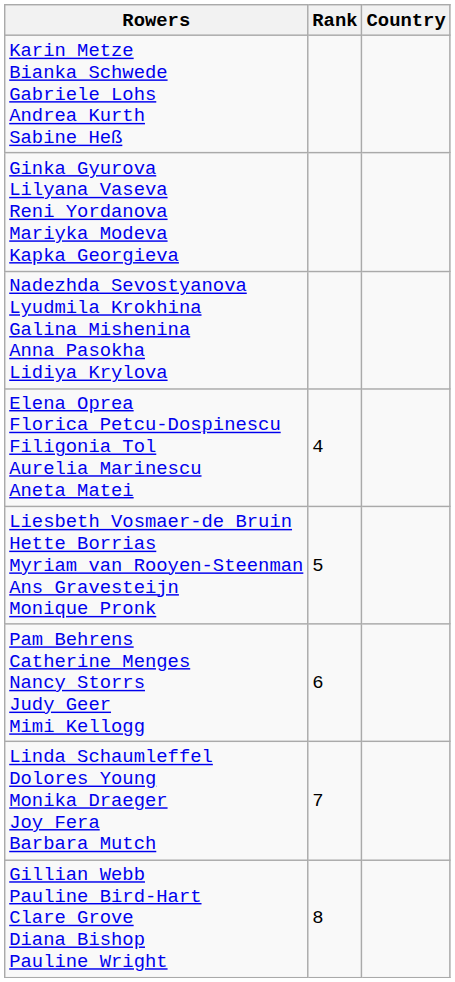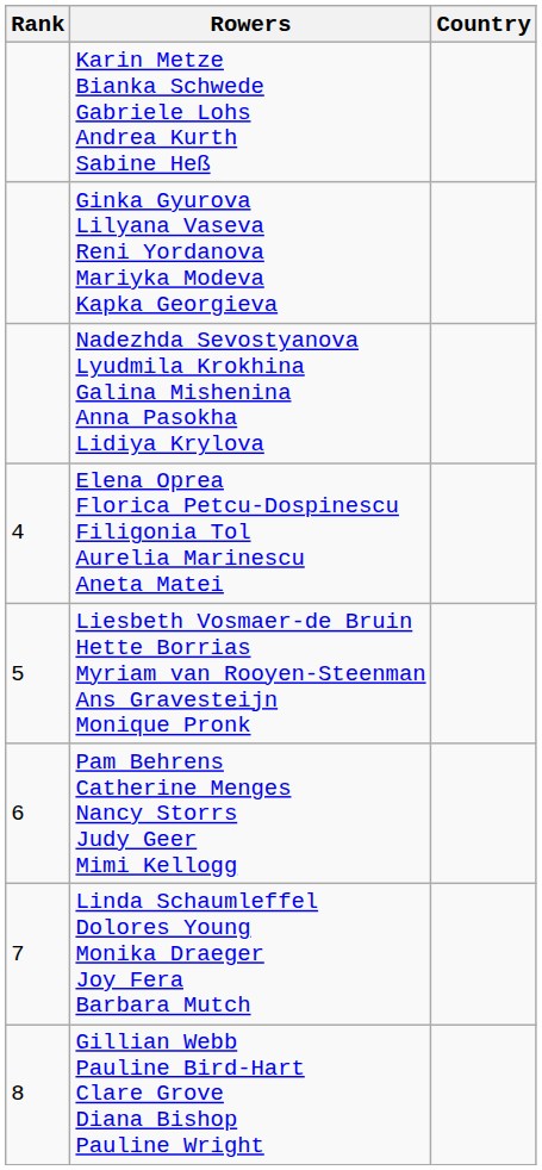 <table class="wikitable sortable">
 <tr>
+<th>Rank</th>
 <th>Rowers</th>
-<th>Rank</th>
 <th>Country</th>
 </tr>
 <tr>
+<td></td>
 <td><a href='#'>Karin Metze</a><br><a href='#'>Bianka Schwede</a><br><a href='#'>Gabriele Lohs</a><br><a href='#'>Andrea Kurth</a><br><a href='#'>Sabine Heß</a></td>
-<td></td>
 <td></td>
 </tr>
 <tr>
+<td></td>
 <td><a href='#'>Ginka Gyurova</a><br><a href='#'>Lilyana Vaseva</a><br><a href='#'>Reni Yordanova</a><br><a href='#'>Mariyka Modeva</a><br><a href='#'>Kapka Georgieva</a></td>
-<td></td>
 <td></td>
 </tr>
 <tr>
+<td></td>
 <td><a href='#'>Nadezhda Sevostyanova</a><br><a href='#'>Lyudmila Krokhina</a><br><a href='#'>Galina Mishenina</a><br><a href='#'>Anna Pasokha</a><br><a href='#'>Lidiya Krylova</a></td>
-<td></td>
 <td></td>
 </tr>
 <tr>
+<td>4</td>
 <td><a href='#'>Elena Oprea</a><br><a href='#'>Florica Petcu-Dospinescu</a><br><a href='#'>Filigonia Tol</a><br><a href='#'>Aurelia Marinescu</a><br><a href='#'>Aneta Matei</a></td>
-<td>4</td>
 <td></td>
 </tr>
 <tr>
+<td>5</td>
 <td><a href='#'>Liesbeth Vosmaer-de Bruin</a><br><a href='#'>Hette Borrias</a><br><a href='#'>Myriam van Rooyen-Steenman</a><br><a href='#'>Ans Gravesteijn</a><br><a href='#'>Monique Pronk</a></td>
-<td>5</td>
 <td></td>
 </tr>
 <tr>
+<td>6</td>
 <td><a href='#'>Pam Behrens</a><br><a href='#'>Catherine Menges</a><br><a href='#'>Nancy Storrs</a><br><a href='#'>Judy Geer</a><br><a href='#'>Mimi Kellogg</a></td>
-<td>6</td>
 <td></td>
 </tr>
 <tr>
+<td>7</td>
 <td><a href='#'>Linda Schaumleffel</a><br><a href='#'>Dolores Young</a><br><a href='#'>Monika Draeger</a><br><a href='#'>Joy Fera</a><br><a href='#'>Barbara Mutch</a></td>
-<td>7</td>
 <td></td>
 </tr>
 <tr>
+<td>8</td>
 <td><a href='#'>Gillian Webb</a><br><a href='#'>Pauline Bird-Hart</a><br><a href='#'>Clare Grove</a><br><a href='#'>Diana Bishop</a><br><a href='#'>Pauline Wright</a></td>
-<td>8</td>
 <td></td>
 </tr>
 </table>
